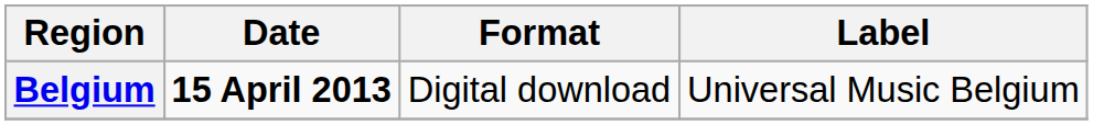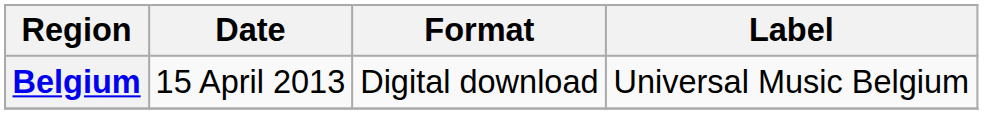 <table class="wikitable sortable plainrowheaders">
 <tr>
 <th scope="col">Region</th>
 <th scope="col">Date</th>
 <th scope="col">Format</th>
 <th scope="col">Label</th>
 </tr>
 <tr>
 <th scope="row"><a href='#'>Belgium</a></th>
-<td><strong>15 April 2013</strong></td>
+<td>15 April 2013</td>
 <td>Digital download</td>
 <td>Universal Music Belgium</td>
 </tr>
 <tr>
 </tr>
 </table>
